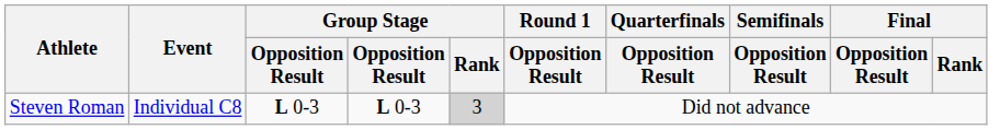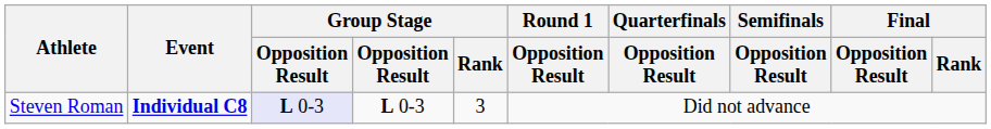 <table class="wikitable" style="font-size:90%">
 <tr>
 <th rowspan="2">Athlete</th>
 <th rowspan="2">Event</th>
 <th colspan="3">Group Stage</th>
 <th>Round 1</th>
 <th>Quarterfinals</th>
 <th>Semifinals</th>
 <th colspan="2">Final</th>
 </tr>
 <tr>
 <th>Opposition<br>Result</th>
 <th>Opposition<br>Result</th>
 <th>Rank</th>
 <th>Opposition<br>Result</th>
 <th>Opposition<br>Result</th>
 <th>Opposition<br>Result</th>
 <th>Opposition<br>Result</th>
 <th>Rank</th>
 </tr>
 <tr align="center">
 <td align="left"><a href='#'>Steven Roman</a></td>
-<td align="left"><a href='#'>Individual C8</a></td>
+<td align="left"><strong><a href='#'>Individual C8</a></strong></td>
+<td style="background: lavender;"><strong>L</strong> 0-3</td>
 <td><strong>L</strong> 0-3</td>
-<td><strong>L</strong> 0-3</td>
-<td style="background: lightgrey;">3</td>
+<td>3</td>
 <td colspan="5">Did not advance</td>
 </tr>
 </table>
